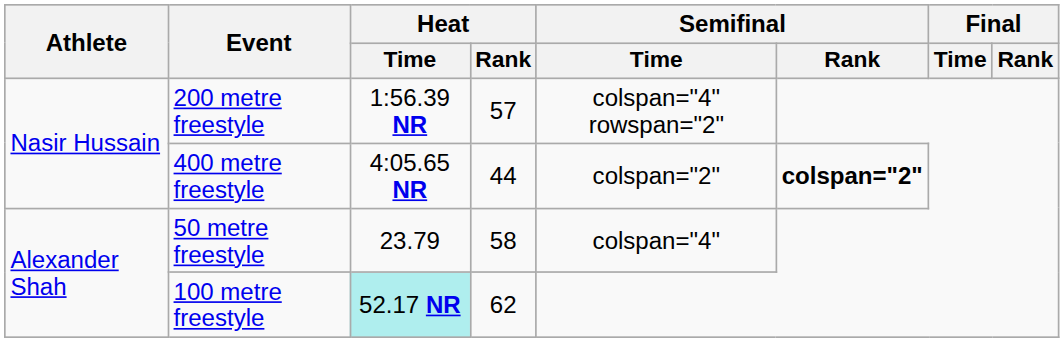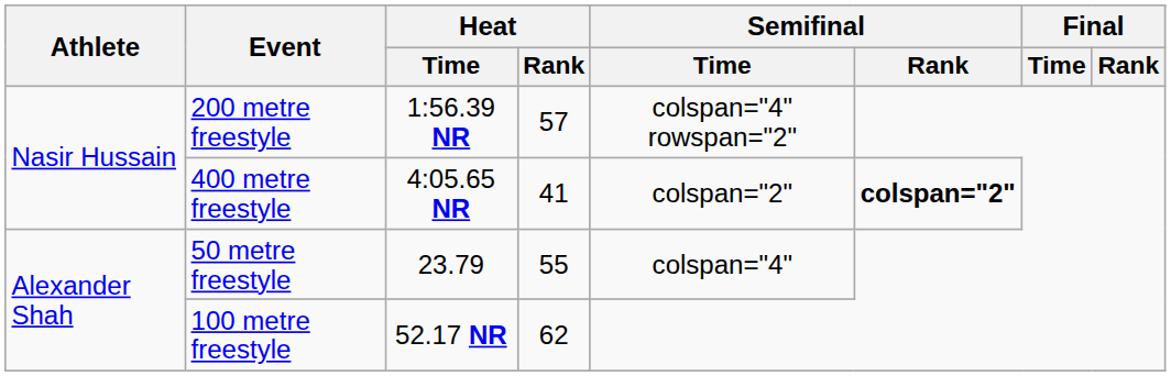 <table class="wikitable" style="text-align:center; font-size:90%; width:50%;">
 <tr>
 <th rowspan="2">Athlete</th>
 <th rowspan="2">Event</th>
 <th colspan="2">Heat</th>
 <th colspan="2">Semifinal</th>
 <th colspan="2">Final</th>
 </tr>
 <tr style="font-size:95%">
 <th>Time</th>
 <th>Rank</th>
 <th>Time</th>
 <th>Rank</th>
 <th>Time</th>
 <th>Rank</th>
 </tr>
 <tr align=center>
 <td align=left rowspan="2"><a href='#'>Nasir Hussain</a></td>
 <td align=left><a href='#'>200 metre freestyle</a></td>
 <td>1:56.39 <strong><a href='#'>NR</a></strong></td>
 <td>57</td>
 <td>colspan="4" rowspan="2"</td>
 </tr>
 <tr align=center>
 <td align=left><a href='#'>400 metre freestyle</a></td>
 <td>4:05.65 <strong><a href='#'>NR</a></strong></td>
-<td>44</td>
+<td>41</td>
 <td>colspan="2" </td>
 <td><strong>colspan="2" </strong></td>
 </tr>
 <tr align=center>
 <td align=left rowspan="2"><a href='#'>Alexander Shah</a></td>
 <td align=left><a href='#'>50 metre freestyle</a></td>
 <td>23.79</td>
-<td>58</td>
+<td>55</td>
 <td>colspan="4" </td>
 </tr>
 <tr align=center>
 <td align=left><a href='#'>100 metre freestyle</a></td>
-<td style="background: paleturquoise;">52.17 <strong><a href='#'>NR</a></strong></td>
+<td>52.17 <strong><a href='#'>NR</a></strong></td>
 <td>62</td>
 </tr>
 </table>
